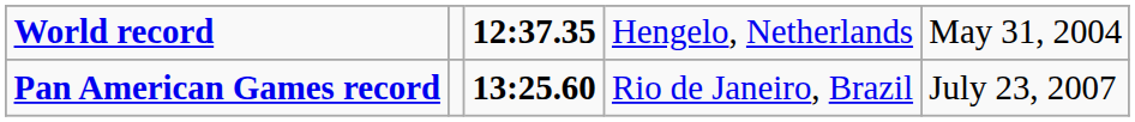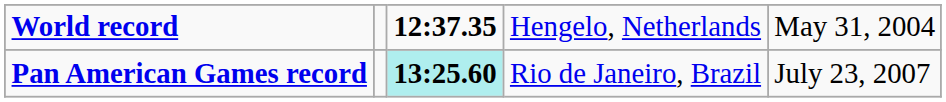 <table class="wikitable">
 <tr>
 <td><strong><a href='#'>World record</a></strong></td>
 <td></td>
 <td><strong>12:37.35</strong></td>
 <td><a href='#'>Hengelo</a>, <a href='#'>Netherlands</a></td>
 <td>May 31, 2004</td>
 </tr>
 <tr>
 <td><strong><a href='#'>Pan American Games record</a></strong></td>
 <td></td>
-<td><strong>13:25.60</strong></td>
+<td style="background: paleturquoise;"><strong>13:25.60</strong></td>
 <td><a href='#'>Rio de Janeiro</a>, <a href='#'>Brazil</a></td>
 <td>July 23, 2007</td>
 </tr>
 </table>
